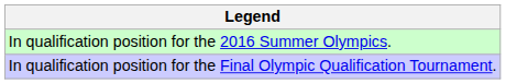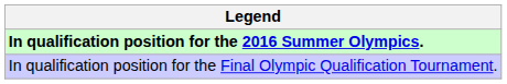 <table class="wikitable">
 <tr>
 <th>Legend</th>
 </tr>
 <tr bgcolor=ccffcc>
-<td>In qualification position for the <a href='#'>2016 Summer Olympics</a>.</td>
+<td><strong>In qualification position for the <a href='#'>2016 Summer Olympics</a>.</strong></td>
 </tr>
 <tr bgcolor=ccccff>
 <td>In qualification position for the <a href='#'>Final Olympic Qualification Tournament</a>.</td>
 </tr>
 </table>
